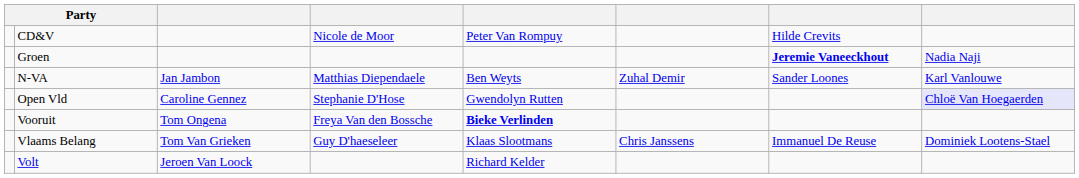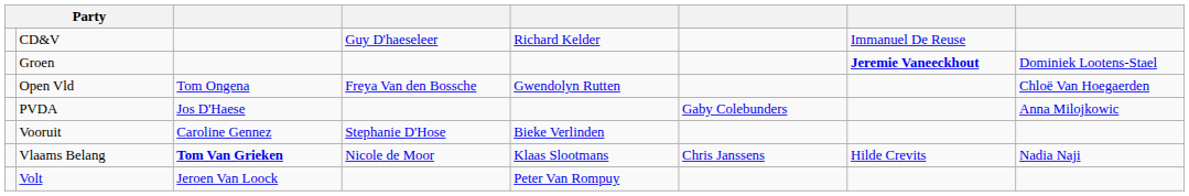 <table class="wikitable" style="font-size:95%;">
 <tr>
 <th colspan="2" style="width:175px;">Party</th>
 <th style="width:175px;"></th>
 <th style="width:175px;"></th>
 <th style="width:175px;"></th>
 <th style="width:175px;"></th>
 <th style="width:175px;"></th>
 <th style="width:175px;"></th>
 </tr>
 <tr>
 <td style="background-color: "></td>
 <td>CD&V</td>
 <td></td>
-<td><a href='#'>Nicole de Moor</a></td>
-<td><a href='#'>Peter Van Rompuy</a></td>
+<td><a href='#'>Guy D'haeseleer</a></td>
+<td><a href='#'>Richard Kelder</a></td>
 <td></td>
-<td><a href='#'>Hilde Crevits</a></td>
+<td><a href='#'>Immanuel De Reuse</a></td>
 <td></td>
 </tr>
 <tr>
 <td style="background-color: "></td>
 <td>Groen</td>
 <td></td>
 <td></td>
 <td></td>
 <td></td>
 <td><strong><a href='#'>Jeremie Vaneeckhout</a></strong></td>
-<td><a href='#'>Nadia Naji</a></td>
-</tr>
-<tr>
-<td style="background-color: "></td>
-<td>N-VA</td>
-<td><a href='#'>Jan Jambon</a></td>
-<td><a href='#'>Matthias Diependaele</a></td>
-<td><a href='#'>Ben Weyts</a></td>
-<td><a href='#'>Zuhal Demir</a></td>
-<td><a href='#'>Sander Loones</a></td>
-<td><a href='#'>Karl Vanlouwe</a></td>
+<td><a href='#'>Dominiek Lootens-Stael</a></td>
 </tr>
 <tr>
 <td style="background-color: "></td>
 <td>Open Vld</td>
-<td><a href='#'>Caroline Gennez</a></td>
-<td><a href='#'>Stephanie D'Hose</a></td>
+<td><a href='#'>Tom Ongena</a></td>
+<td><a href='#'>Freya Van den Bossche</a></td>
 <td><a href='#'>Gwendolyn Rutten</a></td>
 <td></td>
 <td></td>
-<td style="background: lavender;"><a href='#'>Chloë Van Hoegaerden</a></td>
+<td><a href='#'>Chloë Van Hoegaerden</a></td>
+</tr>
+<tr>
+<td style="background-color: "></td>
+<td>PVDA</td>
+<td><a href='#'>Jos D'Haese</a></td>
+<td></td>
+<td></td>
+<td><a href='#'>Gaby Colebunders</a></td>
+<td></td>
+<td><a href='#'>Anna Milojkowic</a></td>
 </tr>
 <tr>
 <td style="background-color: "></td>
 <td>Vooruit</td>
-<td><a href='#'>Tom Ongena</a></td>
-<td><a href='#'>Freya Van den Bossche</a></td>
-<td><strong><a href='#'>Bieke Verlinden</a></strong></td>
+<td><a href='#'>Caroline Gennez</a></td>
+<td><a href='#'>Stephanie D'Hose</a></td>
+<td><a href='#'>Bieke Verlinden</a></td>
 <td></td>
 <td></td>
 <td></td>
 </tr>
 <tr>
 <td style="background-color: "></td>
 <td>Vlaams Belang</td>
-<td><a href='#'>Tom Van Grieken</a></td>
-<td><a href='#'>Guy D'haeseleer</a></td>
+<td><strong><a href='#'>Tom Van Grieken</a></strong></td>
+<td><a href='#'>Nicole de Moor</a></td>
 <td><a href='#'>Klaas Slootmans</a></td>
 <td><a href='#'>Chris Janssens</a></td>
-<td><a href='#'>Immanuel De Reuse</a></td>
-<td><a href='#'>Dominiek Lootens-Stael</a></td>
+<td><a href='#'>Hilde Crevits</a></td>
+<td><a href='#'>Nadia Naji</a></td>
 </tr>
 <tr>
 <td style="background-color: "></td>
 <td><a href='#'>Volt</a></td>
 <td><a href='#'>Jeroen Van Loock</a></td>
 <td></td>
-<td><a href='#'>Richard Kelder</a></td>
+<td><a href='#'>Peter Van Rompuy</a></td>
 <td></td>
 <td></td>
 <td></td>
 </tr>
 </table>
